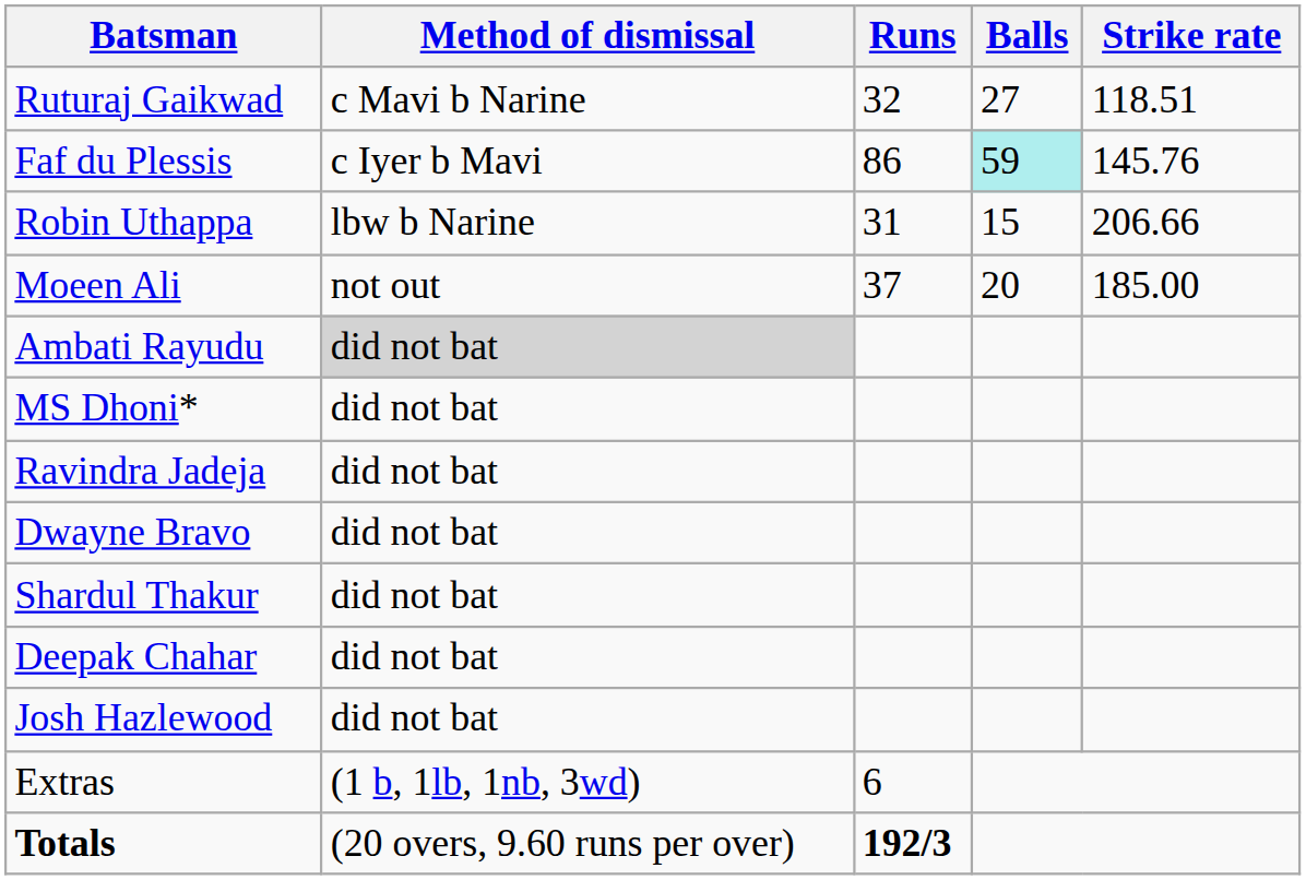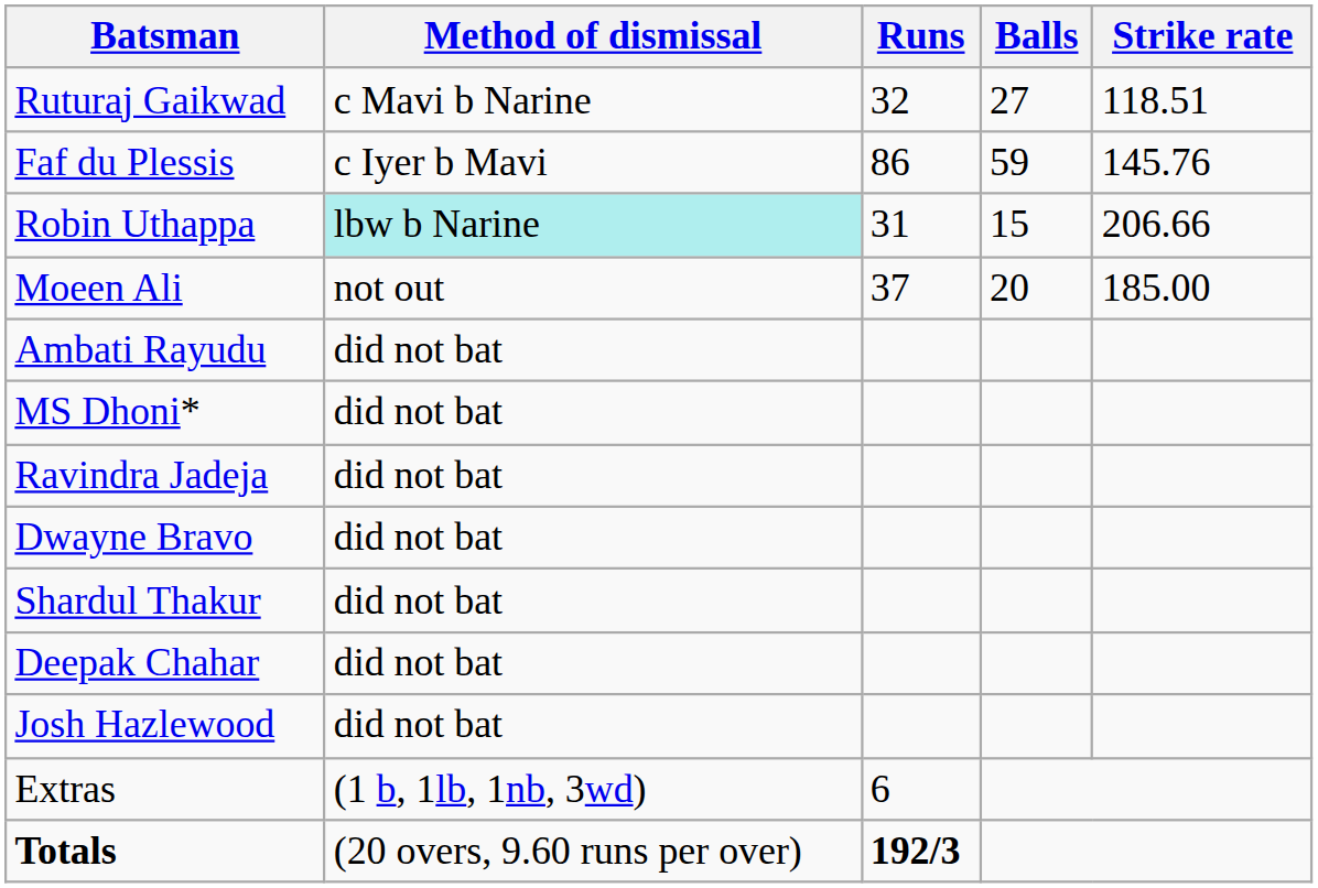 <table class=wikitable style="width: 60%;">
 <tr>
 <th><a href='#'>Batsman</a></th>
 <th><a href='#'>Method of dismissal</a></th>
 <th><a href='#'>Runs</a></th>
 <th><a href='#'>Balls</a></th>
 <th><a href='#'>Strike rate</a></th>
 </tr>
 <tr>
 <td><a href='#'>Ruturaj Gaikwad</a></td>
 <td>c Mavi b Narine</td>
 <td>32</td>
 <td>27</td>
 <td>118.51</td>
 </tr>
 <tr>
 <td><a href='#'>Faf du Plessis</a></td>
 <td>c Iyer b Mavi</td>
 <td>86</td>
-<td style="background: paleturquoise;">59</td>
+<td>59</td>
 <td>145.76</td>
 </tr>
 <tr>
 <td><a href='#'>Robin Uthappa</a></td>
-<td>lbw b Narine</td>
+<td style="background: paleturquoise;">lbw b Narine</td>
 <td>31</td>
 <td>15</td>
 <td>206.66</td>
 </tr>
 <tr>
 <td><a href='#'>Moeen Ali</a></td>
 <td>not out</td>
 <td>37</td>
 <td>20</td>
 <td>185.00</td>
 </tr>
 <tr>
 <td><a href='#'>Ambati Rayudu</a></td>
-<td style="background: lightgrey;">did not bat</td>
+<td>did not bat</td>
 <td></td>
 <td></td>
 <td></td>
 </tr>
 <tr>
 <td><a href='#'>MS Dhoni</a>* </td>
 <td>did not bat</td>
 <td></td>
 <td></td>
 <td></td>
 </tr>
 <tr>
 <td><a href='#'>Ravindra Jadeja</a></td>
 <td>did not bat</td>
 <td></td>
 <td></td>
 <td></td>
 </tr>
 <tr>
 <td><a href='#'>Dwayne Bravo</a></td>
 <td>did not bat</td>
 <td></td>
 <td></td>
 <td></td>
 </tr>
 <tr>
 <td><a href='#'>Shardul Thakur</a></td>
 <td>did not bat</td>
 <td></td>
 <td></td>
 <td></td>
 </tr>
 <tr>
 <td><a href='#'>Deepak Chahar</a></td>
 <td>did not bat</td>
 <td></td>
 <td></td>
 <td></td>
 </tr>
 <tr>
 <td><a href='#'>Josh Hazlewood</a></td>
 <td>did not bat</td>
 <td></td>
 <td></td>
 <td></td>
 </tr>
 <tr>
 <td>Extras</td>
 <td>(1 <a href='#'>b</a>, 1<a href='#'>lb</a>, 1<a href='#'>nb</a>, 3<a href='#'>wd</a>)</td>
 <td>6</td>
 <td colspan="2"></td>
 </tr>
 <tr>
 <td><strong>Totals</strong></td>
 <td>(20 overs, 9.60 runs per over)</td>
 <td><strong>192/3</strong></td>
 <td colspan="2"></td>
 </tr>
 </table>
